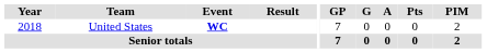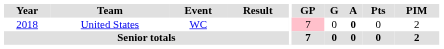 <table border="0" cellpadding="1" cellspacing="0" ID="Table3" style="text-align:center; width:40em">
 <tr ALIGN="center" bgcolor="#e0e0e0">
 <th>Year</th>
 <th>Team</th>
 <th>Event</th>
 <th>Result</th>
 <th rowspan="100" bgcolor="#ffffff"></th>
 <th>GP</th>
 <th>G</th>
 <th>A</th>
 <th>Pts</th>
 <th>PIM</th>
 </tr>
 <tr>
 <td><a href='#'>2018</a></td>
 <td><a href='#'>United States</a></td>
-<td><strong><a href='#'>WC</a></strong></td>
+<td><a href='#'>WC</a></td>
 <td></td>
-<td>7</td>
+<td style="background: pink;">7</td>
 <td>0</td>
-<td>0</td>
+<td><strong>0</strong></td>
 <td>0</td>
 <td>2</td>
 </tr>
 <tr bgcolor="#e0e0e0">
 <th colspan="4">Senior totals</th>
 <th>7</th>
 <th>0</th>
 <th>0</th>
 <th>0</th>
 <th>2</th>
 </tr>
 </table>
